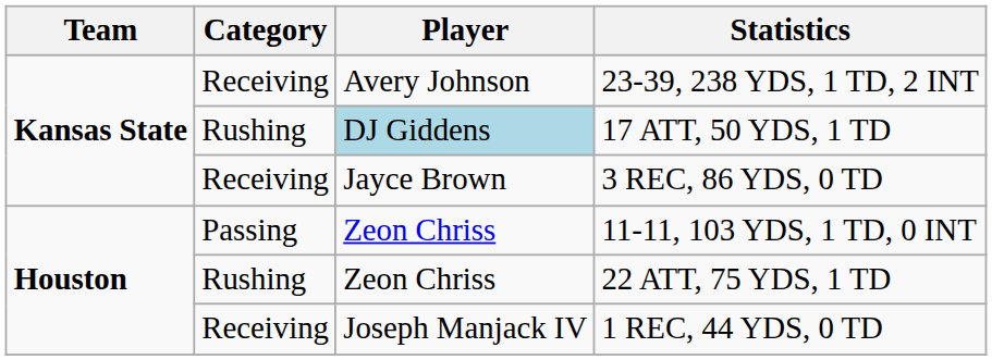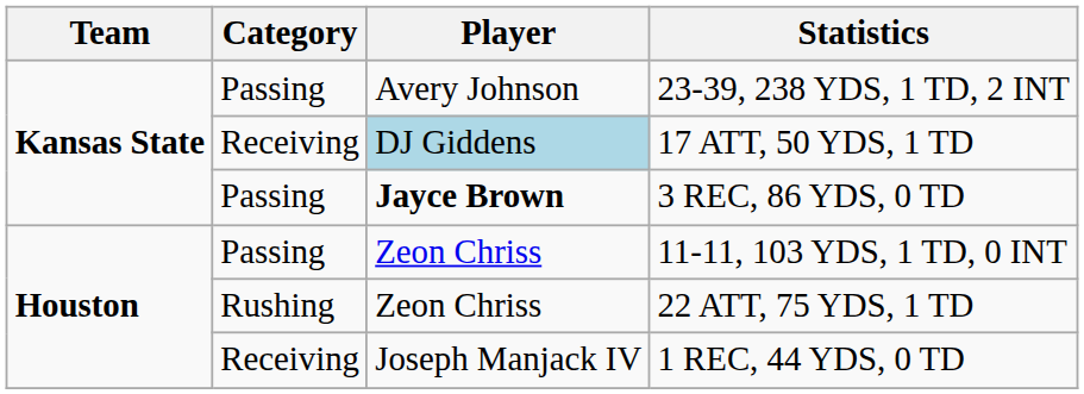 <table class="wikitable" style="float: right;">
 <tr>
 <th>Team</th>
 <th>Category</th>
 <th>Player</th>
 <th>Statistics</th>
 </tr>
 <tr>
 <td rowspan=3><strong>Kansas State</strong></td>
-<td>Receiving</td>
+<td>Passing</td>
 <td>Avery Johnson</td>
 <td>23-39, 238 YDS, 1 TD, 2 INT</td>
 </tr>
 <tr>
-<td>Rushing</td>
+<td>Receiving</td>
 <td style="background: lightblue;">DJ Giddens</td>
 <td>17 ATT, 50 YDS, 1 TD</td>
 </tr>
 <tr>
-<td>Receiving</td>
-<td>Jayce Brown</td>
+<td>Passing</td>
+<td><strong>Jayce Brown</strong></td>
 <td>3 REC, 86 YDS, 0 TD</td>
 </tr>
 <tr>
 <td rowspan=3><strong>Houston</strong></td>
 <td>Passing</td>
 <td><a href='#'>Zeon Chriss</a></td>
 <td>11-11, 103 YDS, 1 TD, 0 INT</td>
 </tr>
 <tr>
 <td>Rushing</td>
 <td>Zeon Chriss</td>
 <td>22 ATT, 75 YDS, 1 TD</td>
 </tr>
 <tr>
 <td>Receiving</td>
 <td>Joseph Manjack IV</td>
 <td>1 REC, 44 YDS, 0 TD</td>
 </tr>
 </table>
